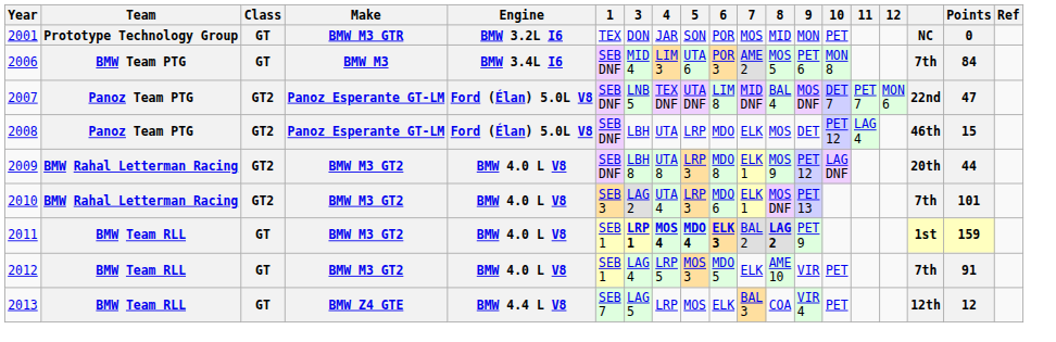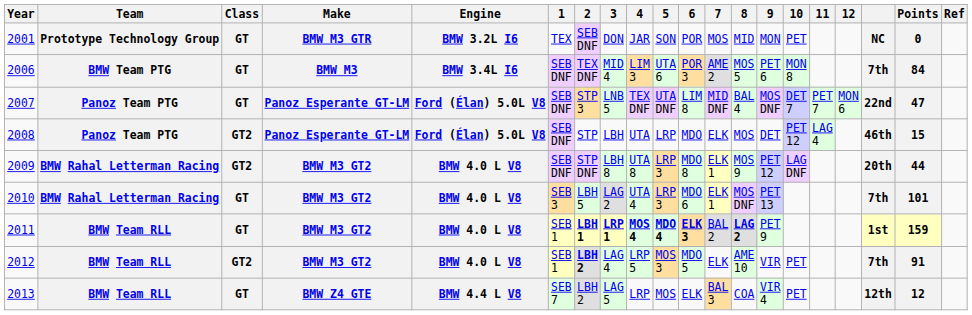 <table class="wikitable">
 <tr>
 <th>Year</th>
 <th>Team</th>
 <th>Class</th>
 <th>Make</th>
 <th>Engine</th>
 <th>1</th>
+<th>2</th>
 <th>3</th>
 <th>4</th>
 <th>5</th>
 <th>6</th>
 <th>7</th>
 <th>8</th>
 <th>9</th>
 <th>10</th>
 <th>11</th>
 <th>12</th>
 <th></th>
 <th>Points</th>
 <th>Ref</th>
 </tr>
 <tr>
 <td><a href='#'>2001</a></td>
 <th>Prototype Technology Group</th>
 <th>GT</th>
 <th><a href='#'>BMW M3 GTR</a></th>
 <th><a href='#'>BMW</a> 3.2L <a href='#'>I6</a></th>
 <td><a href='#'>TEX</a></td>
+<td style="background:#EFCFFF;"><a href='#'>SEB</a><br>DNF</td>
 <td><a href='#'>DON</a></td>
 <td><a href='#'>JAR</a></td>
 <td><a href='#'>SON</a></td>
 <td><a href='#'>POR</a></td>
 <td><a href='#'>MOS</a></td>
 <td><a href='#'>MID</a></td>
 <td><a href='#'>MON</a></td>
 <td><a href='#'>PET</a></td>
 <td></td>
 <td></td>
 <th>NC</th>
 <th>0</th>
 <td></td>
 </tr>
 <tr>
 <td><a href='#'>2006</a></td>
 <th><a href='#'>BMW</a> Team PTG</th>
 <th>GT</th>
 <th><a href='#'>BMW M3</a></th>
 <th><a href='#'>BMW</a> 3.4L <a href='#'>I6</a></th>
 <td style="background:#EFCFFF;"><a href='#'>SEB</a><br>DNF</td>
+<td style="background:#EFCFFF;"><a href='#'>TEX</a><br>DNF</td>
 <td style="background:#DFFFDF;"><a href='#'>MID</a><br>4</td>
 <td style="background:#FFDF9F;”"><a href='#'>LIM</a><br>3</td>
 <td style="background:#DFFFDF;"><a href='#'>UTA</a><br>6</td>
 <td style="background:#FFDF9F;”"><a href='#'>POR</a><br>3</td>
 <td style="background:#DFDFDF;”"><a href='#'>AME</a><br>2</td>
 <td style="background:#DFFFDF;"><a href='#'>MOS</a><br>5</td>
 <td style="background:#DFFFDF;"><a href='#'>PET</a><br>6</td>
 <td style="background:#DFFFDF;"><a href='#'>MON</a><br>8</td>
 <td></td>
 <td></td>
 <th>7th</th>
 <th>84</th>
 <td></td>
 </tr>
 <tr>
 <td><a href='#'>2007</a></td>
 <th><a href='#'>Panoz</a> Team PTG</th>
-<th>GT2</th>
+<th>GT</th>
 <th><a href='#'>Panoz Esperante GT-LM</a></th>
 <th><a href='#'>Ford</a> (<a href='#'>Élan</a>) 5.0L <a href='#'>V8</a></th>
 <td style="background:#EFCFFF;"><a href='#'>SEB</a><br>DNF</td>
+<td style="background:#FFDF9F;”"><a href='#'>STP</a><br>3</td>
 <td style="background:#DFFFDF;"><a href='#'>LNB</a><br>5</td>
 <td style="background:#EFCFFF;"><a href='#'>TEX</a><br>DNF</td>
 <td style="background:#EFCFFF;"><a href='#'>UTA</a><br>DNF</td>
 <td style="background:#DFFFDF;"><a href='#'>LIM</a><br>8</td>
 <td style="background:#EFCFFF;"><a href='#'>MID</a><br>DNF</td>
 <td style="background:#DFFFDF;"><a href='#'>BAL</a><br>4</td>
 <td style="background:#EFCFFF;"><a href='#'>MOS</a><br>DNF</td>
 <td style="background:#CFCFFF;”"><a href='#'>DET</a><br>7</td>
 <td style="background:#DFFFDF;"><a href='#'>PET</a><br>7</td>
 <td style="background:#DFFFDF;"><a href='#'>MON</a><br>6</td>
 <th>22nd</th>
 <th>47</th>
 <td></td>
 </tr>
 <tr>
 <td><a href='#'>2008</a></td>
 <th><a href='#'>Panoz</a> Team PTG</th>
 <th>GT2</th>
 <th><a href='#'>Panoz Esperante GT-LM</a></th>
 <th><a href='#'>Ford</a> (<a href='#'>Élan</a>) 5.0L <a href='#'>V8</a></th>
 <td style="background:#EFCFFF;"><a href='#'>SEB</a><br>DNF</td>
+<td><a href='#'>STP</a><br></td>
 <td><a href='#'>LBH</a></td>
 <td><a href='#'>UTA</a></td>
 <td><a href='#'>LRP</a><br></td>
 <td><a href='#'>MDO</a><br></td>
 <td><a href='#'>ELK</a><br></td>
 <td><a href='#'>MOS</a></td>
 <td><a href='#'>DET</a></td>
 <td style="background:#CFCFFF;”"><a href='#'>PET</a><br>12</td>
 <td style="background:#DFFFDF;"><a href='#'>LAG</a><br>4</td>
 <td></td>
 <th>46th</th>
 <th>15</th>
 <td></td>
 </tr>
 <tr>
 <td><a href='#'>2009</a></td>
 <th><a href='#'>BMW</a> <a href='#'>Rahal Letterman Racing</a></th>
 <th>GT2</th>
 <th><a href='#'>BMW M3 GT2</a></th>
 <th><a href='#'>BMW</a> 4.0 L <a href='#'>V8</a></th>
 <td style="background:#EFCFFF;"><a href='#'>SEB</a><br>DNF</td>
+<td style="background:#EFCFFF;"><a href='#'>STP</a><br>DNF</td>
 <td style="background:#DFFFDF;"><a href='#'>LBH</a><br>8</td>
 <td style="background:#DFFFDF;"><a href='#'>UTA</a><br>8</td>
 <td style="background:#FFDF9F;"><a href='#'>LRP</a><br>3</td>
 <td style="background:#DFFFDF;"><a href='#'>MDO</a><br>8</td>
 <td style="background:#FFFFBF;”"><a href='#'>ELK</a><br>1</td>
 <td style="background:#DFFFDF;"><a href='#'>MOS</a><br>9</td>
 <td style="background:#CFCFFF;"><a href='#'>PET</a><br>12</td>
 <td style="background:#EFCFFF;"><a href='#'>LAG</a><br>DNF</td>
 <td></td>
 <td></td>
 <th>20th</th>
 <th>44</th>
 <td></td>
 </tr>
 <tr>
 <td><a href='#'>2010</a></td>
 <th><a href='#'>BMW</a> <a href='#'>Rahal Letterman Racing</a></th>
-<th>GT2</th>
+<th>GT</th>
 <th><a href='#'>BMW M3 GT2</a></th>
 <th><a href='#'>BMW</a> 4.0 L <a href='#'>V8</a></th>
 <td style="background:#FFDF9F;”"><a href='#'>SEB</a><br>3</td>
+<td style="background:#DFFFDF;"><a href='#'>LBH</a><br>5</td>
 <td style="background:#DFDFDF;”"><a href='#'>LAG</a><br>2</td>
 <td style="background:#DFFFDF;"><a href='#'>UTA</a><br>4</td>
 <td style="background:#FFDF9F;”"><a href='#'>LRP</a><br>3</td>
 <td style="background:#DFFFDF;"><a href='#'>MDO</a><br>6</td>
 <td style="background:#FFFFBF;”"><a href='#'>ELK</a><br>1</td>
 <td style="background:#EFCFFF;"><a href='#'>MOS</a><br>DNF</td>
 <td style="background:#CFCFFF;”"><a href='#'>PET</a><br>13</td>
 <td></td>
 <td></td>
 <td></td>
 <th>7th</th>
 <th>101</th>
 <td></td>
 </tr>
 <tr>
 <td><a href='#'>2011</a></td>
 <th><a href='#'>BMW</a> <a href='#'>Team RLL</a></th>
 <th>GT</th>
 <th><a href='#'>BMW M3 GT2</a></th>
 <th><a href='#'>BMW</a> 4.0 L <a href='#'>V8</a></th>
 <td style="background:#FFFFBF;”"><a href='#'>SEB</a><br>1</td>
+<td style="background:#FFFFBF;”"><strong><a href='#'>LBH</a><br>1</strong></td>
 <td style="background:#FFFFBF;”"><strong><a href='#'>LRP</a><br>1</strong></td>
 <td style="background:#DFFFDF;"><strong><a href='#'>MOS</a><br>4</strong></td>
 <td style="background:#DFFFDF;"><strong><a href='#'>MDO</a><br>4</strong></td>
 <td style="background:#FFDF9F;”"><strong><a href='#'>ELK</a><br>3</strong></td>
 <td style="background:#DFDFDF;”"><a href='#'>BAL</a><br>2</td>
 <td style="background:#DFDFDF;”"><strong><a href='#'>LAG</a><br>2</strong></td>
 <td style="background:#DFFFDF;"><a href='#'>PET</a><br>9</td>
 <td></td>
 <td></td>
 <td></td>
 <th style="background:#FFFFBF;”">1st</th>
 <th style="background:#FFFFBF;”">159</th>
 <td></td>
 </tr>
 <tr>
 <td><a href='#'>2012</a></td>
 <th><a href='#'>BMW</a> <a href='#'>Team RLL</a></th>
-<th>GT</th>
+<th>GT2</th>
 <th><a href='#'>BMW M3 GT2</a></th>
 <th><a href='#'>BMW</a> 4.0 L <a href='#'>V8</a></th>
 <td style="background:#FFFFBF;”"><a href='#'>SEB</a><br>1</td>
+<td style="background:#DFDFDF;”"><strong><a href='#'>LBH</a><br>2</strong></td>
 <td style="background:#DFFFDF;"><a href='#'>LAG</a><br>4</td>
 <td style="background:#DFFFDF;"><a href='#'>LRP</a><br>5</td>
 <td style="background:#FFDF9F;”"><a href='#'>MOS</a><br>3</td>
 <td style="background:#DFFFDF;"><a href='#'>MDO</a><br>5</td>
 <td><a href='#'>ELK</a><br></td>
 <td style="background:#DFFFDF;"><a href='#'>AME</a><br>10</td>
 <td><a href='#'>VIR</a><br></td>
 <td><a href='#'>PET</a><br></td>
 <td></td>
 <td></td>
 <th>7th</th>
 <th>91</th>
 <td></td>
 </tr>
 <tr>
 <td><a href='#'>2013</a></td>
 <th><a href='#'>BMW</a> <a href='#'>Team RLL</a></th>
 <th>GT</th>
 <th><a href='#'>BMW Z4 GTE</a></th>
 <th><a href='#'>BMW</a> 4.4 L <a href='#'>V8</a></th>
 <td style="background:#DFFFDF;"><a href='#'>SEB</a><br>7</td>
+<td style="background:#DFDFDF;”"><a href='#'>LBH</a><br>2</td>
 <td style="background:#DFFFDF;"><a href='#'>LAG</a><br>5</td>
 <td><a href='#'>LRP</a><br></td>
 <td><a href='#'>MOS</a><br></td>
 <td><a href='#'>ELK</a><br></td>
 <td style="background:#FFDF9F;”"><a href='#'>BAL</a><br>3</td>
 <td><a href='#'>COA</a><br></td>
 <td style="background:#DFFFDF;"><a href='#'>VIR</a><br>4</td>
 <td><a href='#'>PET</a><br></td>
 <td></td>
 <td></td>
 <th>12th</th>
 <th>12</th>
 <td></td>
 </tr>
 </table>
